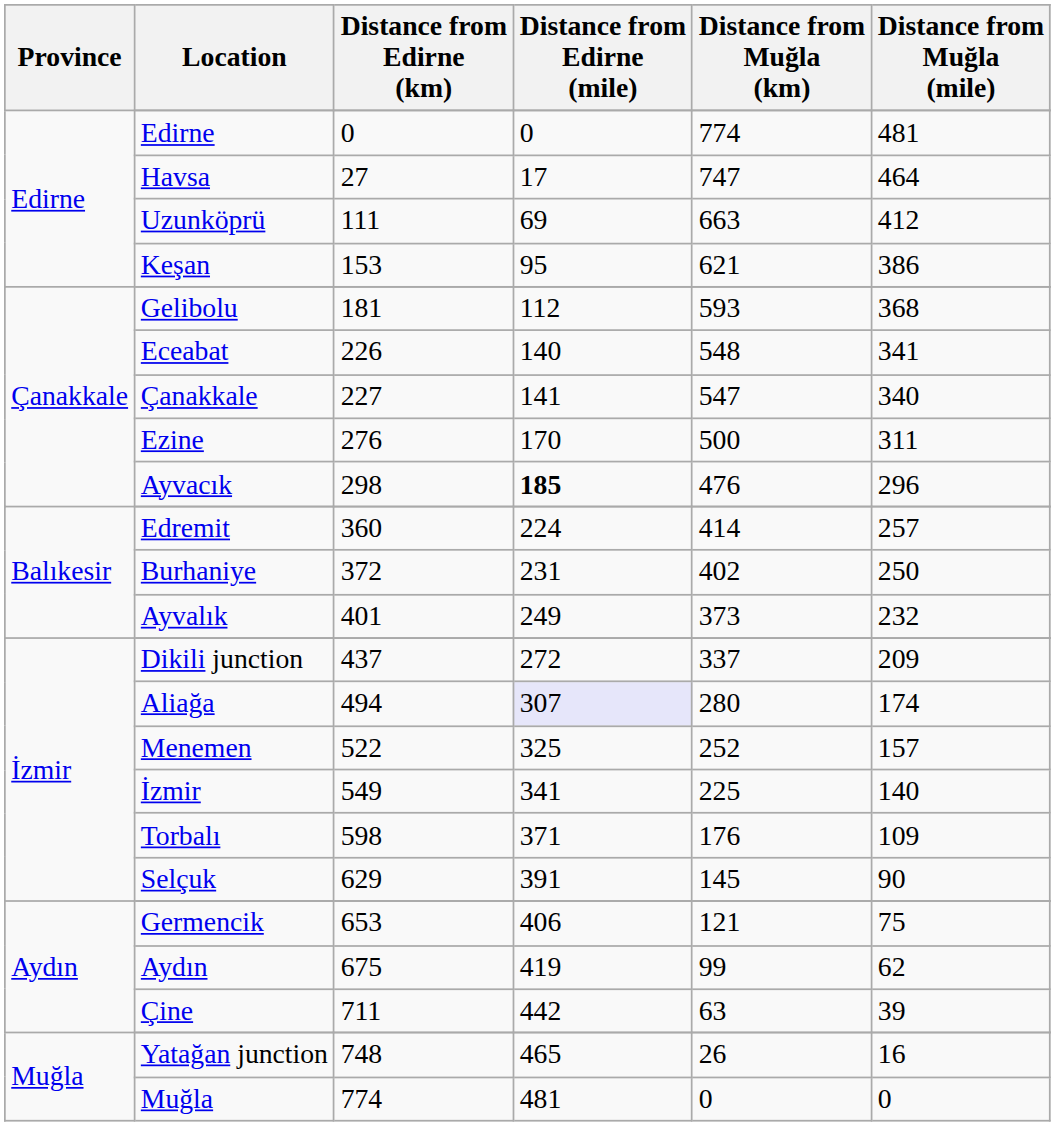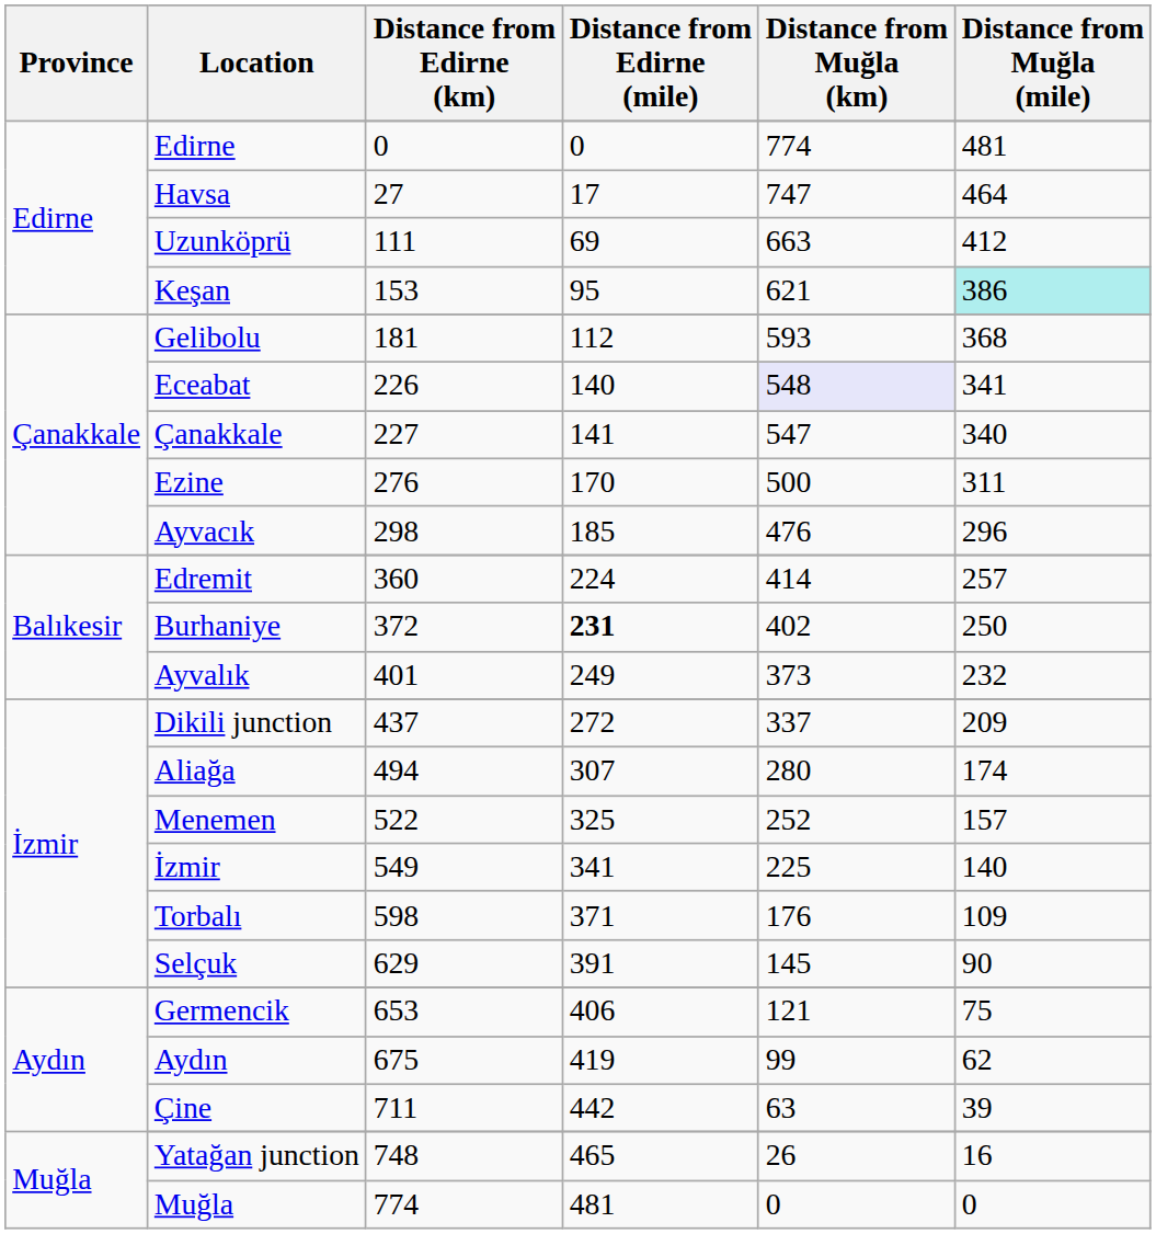 <table class="sortable wikitable">
 <tr>
 <th>Province</th>
 <th>Location</th>
 <th>Distance from <br>Edirne <br>(km)</th>
 <th>Distance from <br>Edirne <br>(mile)</th>
 <th>Distance from <br>Muğla  <br>(km)</th>
 <th>Distance from <br>Muğla  <br>(mile)</th>
 </tr>
 <tr>
 <td rowspan="5" style="text-align:left;"><a href='#'>Edirne</a></td>
 </tr>
 <tr>
 <td><a href='#'>Edirne</a></td>
 <td>0</td>
 <td>0</td>
 <td>774</td>
 <td>481</td>
 </tr>
 <tr>
 <td><a href='#'>Havsa</a></td>
 <td>27</td>
 <td>17</td>
 <td>747</td>
 <td>464</td>
 </tr>
 <tr>
 <td><a href='#'>Uzunköprü</a></td>
 <td>111</td>
 <td>69</td>
 <td>663</td>
 <td>412</td>
 </tr>
 <tr>
 <td><a href='#'>Keşan</a></td>
 <td>153</td>
 <td>95</td>
 <td>621</td>
-<td>386</td>
+<td style="background: paleturquoise;">386</td>
 </tr>
 <tr>
 <td rowspan="6" style="text-align:left;"><a href='#'>Çanakkale</a></td>
 </tr>
 <tr>
 <td><a href='#'>Gelibolu</a></td>
 <td>181</td>
 <td>112</td>
 <td>593</td>
 <td>368</td>
 </tr>
 <tr>
 <td><a href='#'>Eceabat</a></td>
 <td>226</td>
 <td>140</td>
-<td>548</td>
+<td style="background: lavender;">548</td>
 <td>341</td>
 </tr>
 <tr>
 <td><a href='#'>Çanakkale</a></td>
 <td>227</td>
 <td>141</td>
 <td>547</td>
 <td>340</td>
 </tr>
 <tr>
 <td><a href='#'>Ezine</a></td>
 <td>276</td>
 <td>170</td>
 <td>500</td>
 <td>311</td>
 </tr>
 <tr>
 <td><a href='#'>Ayvacık</a></td>
 <td>298</td>
-<td><strong>185</strong></td>
+<td>185</td>
 <td>476</td>
 <td>296</td>
 </tr>
 <tr>
 <td rowspan="4" style="text-align:left;"><a href='#'>Balıkesir</a></td>
 </tr>
 <tr>
 <td><a href='#'>Edremit</a></td>
 <td>360</td>
 <td>224</td>
 <td>414</td>
 <td>257</td>
 </tr>
 <tr>
 <td><a href='#'>Burhaniye</a></td>
 <td>372</td>
-<td>231</td>
+<td><strong>231</strong></td>
 <td>402</td>
 <td>250</td>
 </tr>
 <tr>
 <td><a href='#'>Ayvalık</a></td>
 <td>401</td>
 <td>249</td>
 <td>373</td>
 <td>232</td>
 </tr>
 <tr>
 <td rowspan="7" style="text-align:left;"><a href='#'>İzmir</a></td>
 </tr>
 <tr>
 <td><a href='#'>Dikili</a> junction</td>
 <td>437</td>
 <td>272</td>
 <td>337</td>
 <td>209</td>
 </tr>
 <tr>
 <td><a href='#'>Aliağa</a></td>
 <td>494</td>
-<td style="background: lavender;">307</td>
+<td>307</td>
 <td>280</td>
 <td>174</td>
 </tr>
 <tr>
 <td><a href='#'>Menemen</a></td>
 <td>522</td>
 <td>325</td>
 <td>252</td>
 <td>157</td>
 </tr>
 <tr>
 <td><a href='#'>İzmir</a></td>
 <td>549</td>
 <td>341</td>
 <td>225</td>
 <td>140</td>
 </tr>
 <tr>
 <td><a href='#'>Torbalı</a></td>
 <td>598</td>
 <td>371</td>
 <td>176</td>
 <td>109</td>
 </tr>
 <tr>
 <td><a href='#'>Selçuk</a></td>
 <td>629</td>
 <td>391</td>
 <td>145</td>
 <td>90</td>
 </tr>
 <tr>
 <td rowspan="4" style="text-align:left;"><a href='#'>Aydın</a></td>
 </tr>
 <tr>
 <td><a href='#'>Germencik</a></td>
 <td>653</td>
 <td>406</td>
 <td>121</td>
 <td>75</td>
 </tr>
 <tr>
 <td><a href='#'>Aydın</a></td>
 <td>675</td>
 <td>419</td>
 <td>99</td>
 <td>62</td>
 </tr>
 <tr>
 <td><a href='#'>Çine</a></td>
 <td>711</td>
 <td>442</td>
 <td>63</td>
 <td>39</td>
 </tr>
 <tr>
 <td rowspan="3" style="text-align:left;"><a href='#'>Muğla</a></td>
 </tr>
 <tr>
 <td><a href='#'>Yatağan</a> junction</td>
 <td>748</td>
 <td>465</td>
 <td>26</td>
 <td>16</td>
 </tr>
 <tr>
 <td><a href='#'>Muğla</a></td>
 <td>774</td>
 <td>481</td>
 <td>0</td>
 <td>0</td>
 </tr>
 </table>
